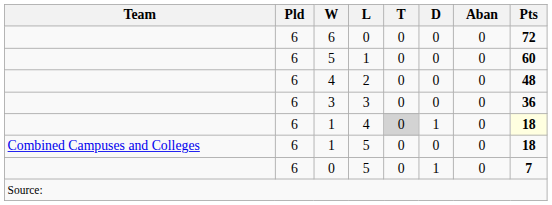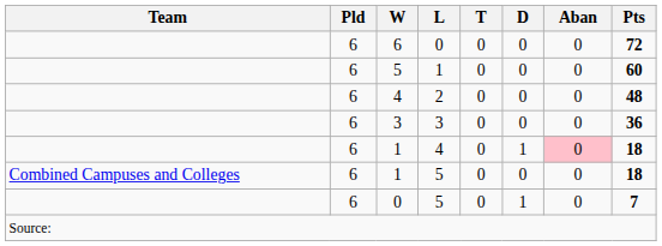 <table class="wikitable" style="text-align: center;" width="50%">
 <tr>
 <th width=205>Team</th>
 <th width=20>Pld</th>
 <th width=20>W</th>
 <th width=20>L</th>
 <th width=20>T</th>
 <th width=20>D</th>
 <th width=20>Aban</th>
 <th width=20>Pts</th>
 </tr>
 <tr>
 <td align=left></td>
 <td>6</td>
 <td>6</td>
 <td>0</td>
 <td>0</td>
 <td>0</td>
 <td>0</td>
 <td><strong>72</strong></td>
 </tr>
 <tr>
 <td align=left></td>
 <td>6</td>
 <td>5</td>
 <td>1</td>
 <td>0</td>
 <td>0</td>
 <td>0</td>
 <td><strong>60</strong></td>
 </tr>
 <tr>
 <td align=left></td>
 <td>6</td>
 <td>4</td>
 <td>2</td>
 <td>0</td>
 <td>0</td>
 <td>0</td>
 <td><strong>48</strong></td>
 </tr>
 <tr>
 <td align=left></td>
 <td>6</td>
 <td>3</td>
 <td>3</td>
 <td>0</td>
 <td>0</td>
 <td>0</td>
 <td><strong>36</strong></td>
 </tr>
 <tr>
 <td align=left></td>
 <td>6</td>
 <td>1</td>
 <td>4</td>
-<td style="background: lightgrey;">0</td>
+<td>0</td>
 <td>1</td>
-<td>0</td>
-<td style="background: lightyellow;"><strong>18</strong></td>
+<td style="background: pink;">0</td>
+<td><strong>18</strong></td>
 </tr>
 <tr>
 <td align=left> <a href='#'>Combined Campuses and Colleges</a></td>
 <td>6</td>
 <td>1</td>
 <td>5</td>
 <td>0</td>
 <td>0</td>
 <td>0</td>
 <td><strong>18</strong></td>
 </tr>
 <tr>
 <td align=left></td>
 <td>6</td>
 <td>0</td>
 <td>5</td>
 <td>0</td>
 <td>1</td>
 <td>0</td>
 <td><strong>7</strong></td>
 </tr>
 <tr>
 <td align=left colspan="11"><small>Source:</small></td>
 </tr>
 </table>
